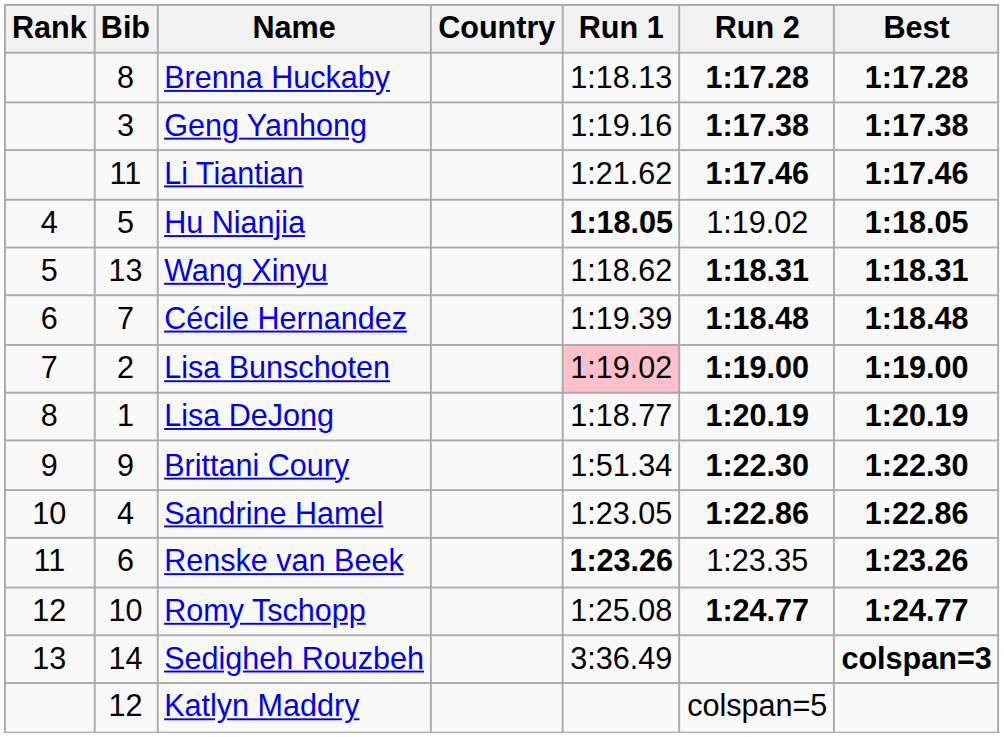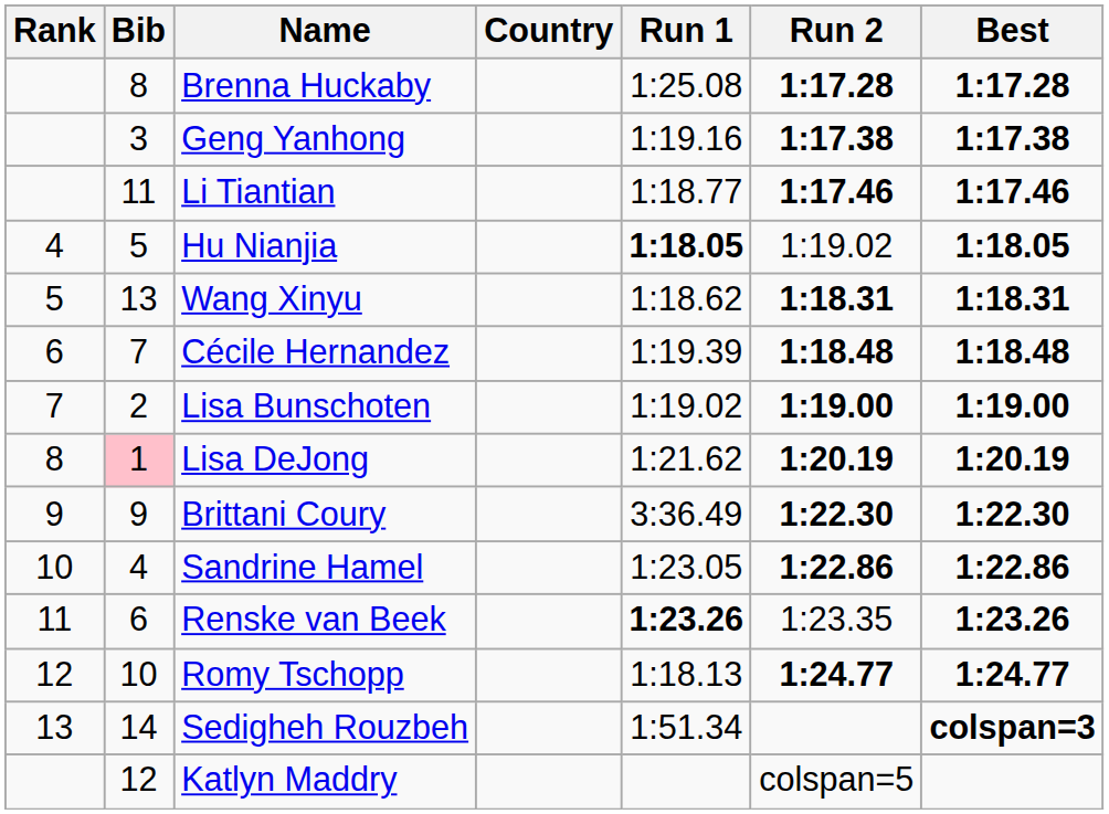 <table class="wikitable sortable" style="text-align:center">
 <tr>
 <th>Rank</th>
 <th>Bib</th>
 <th>Name</th>
 <th>Country</th>
 <th>Run 1</th>
 <th>Run 2</th>
 <th>Best </th>
 </tr>
 <tr>
 <td></td>
 <td>8</td>
 <td align="left"><a href='#'>Brenna Huckaby</a></td>
 <td align="left"></td>
-<td>1:18.13</td>
+<td>1:25.08</td>
 <td><strong>1:17.28</strong></td>
 <td><strong>1:17.28</strong></td>
 </tr>
 <tr>
 <td></td>
 <td>3</td>
 <td align="left"><a href='#'>Geng Yanhong</a></td>
 <td align="left"></td>
 <td>1:19.16</td>
 <td><strong>1:17.38</strong></td>
 <td><strong>1:17.38</strong></td>
 </tr>
 <tr>
 <td></td>
 <td>11</td>
 <td align="left"><a href='#'>Li Tiantian</a></td>
 <td align="left"></td>
-<td>1:21.62</td>
+<td>1:18.77</td>
 <td><strong>1:17.46</strong></td>
 <td><strong>1:17.46</strong></td>
 </tr>
 <tr>
 <td>4</td>
 <td>5</td>
 <td align="left"><a href='#'>Hu Nianjia</a></td>
 <td align="left"></td>
 <td><strong>1:18.05</strong></td>
 <td>1:19.02</td>
 <td><strong>1:18.05</strong></td>
 </tr>
 <tr>
 <td>5</td>
 <td>13</td>
 <td align="left"><a href='#'>Wang Xinyu</a></td>
 <td align="left"></td>
 <td>1:18.62</td>
 <td><strong>1:18.31</strong></td>
 <td><strong>1:18.31</strong></td>
 </tr>
 <tr>
 <td>6</td>
 <td>7</td>
 <td align="left"><a href='#'>Cécile Hernandez</a></td>
 <td align="left"></td>
 <td>1:19.39</td>
 <td><strong>1:18.48</strong></td>
 <td><strong>1:18.48</strong></td>
 </tr>
 <tr>
 <td>7</td>
 <td>2</td>
 <td align="left"><a href='#'>Lisa Bunschoten</a></td>
 <td align="left"></td>
-<td style="background: pink;">1:19.02</td>
+<td>1:19.02</td>
 <td><strong>1:19.00</strong></td>
 <td><strong>1:19.00</strong></td>
 </tr>
 <tr>
 <td>8</td>
-<td>1</td>
+<td style="background: pink;">1</td>
 <td align="left"><a href='#'>Lisa DeJong</a></td>
 <td align="left"></td>
-<td>1:18.77</td>
+<td>1:21.62</td>
 <td><strong>1:20.19</strong></td>
 <td><strong>1:20.19</strong></td>
 </tr>
 <tr>
 <td>9</td>
 <td>9</td>
 <td align="left"><a href='#'>Brittani Coury</a></td>
 <td align="left"></td>
-<td>1:51.34</td>
+<td>3:36.49</td>
 <td><strong>1:22.30</strong></td>
 <td><strong>1:22.30</strong></td>
 </tr>
 <tr>
 <td>10</td>
 <td>4</td>
 <td align="left"><a href='#'>Sandrine Hamel</a></td>
 <td align="left"></td>
 <td>1:23.05</td>
 <td><strong>1:22.86</strong></td>
 <td><strong>1:22.86</strong></td>
 </tr>
 <tr>
 <td>11</td>
 <td>6</td>
 <td align="left"><a href='#'>Renske van Beek</a></td>
 <td align="left"></td>
 <td><strong>1:23.26</strong></td>
 <td>1:23.35</td>
 <td><strong>1:23.26</strong></td>
 </tr>
 <tr>
 <td>12</td>
 <td>10</td>
 <td align="left"><a href='#'>Romy Tschopp</a></td>
 <td align="left"></td>
-<td>1:25.08</td>
+<td>1:18.13</td>
 <td><strong>1:24.77</strong></td>
 <td><strong>1:24.77</strong></td>
 </tr>
 <tr>
 <td>13</td>
 <td>14</td>
 <td align="left"><a href='#'>Sedigheh Rouzbeh</a></td>
 <td align="left"></td>
-<td>3:36.49</td>
+<td>1:51.34</td>
 <td></td>
 <td><strong>colspan=3 </strong></td>
 </tr>
 <tr>
 <td></td>
 <td>12</td>
 <td align="left"><a href='#'>Katlyn Maddry</a></td>
 <td align="left"></td>
 <td></td>
 <td>colspan=5 </td>
 </tr>
 </table>
